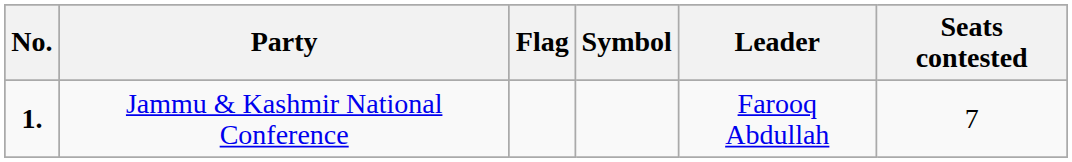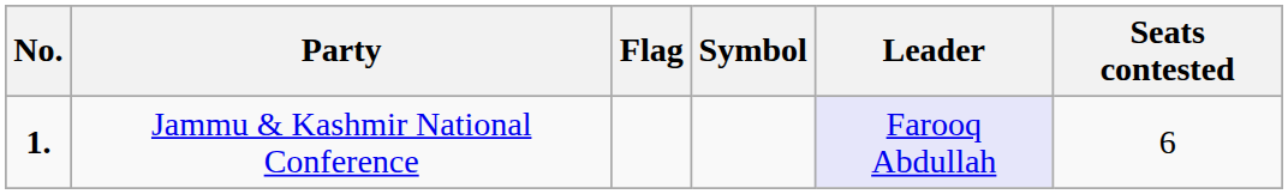 <table class="wikitable">
 <tr>
 <th>No.</th>
 <th>Party</th>
 <th>Flag</th>
 <th>Symbol</th>
 <th>Leader</th>
 <th>Seats contested</th>
 </tr>
 <tr>
 <td ! style="text-align:center; background:"><strong>1.</strong></td>
 <td style="text-align:center"><a href='#'>Jammu & Kashmir National Conference</a></td>
 <td></td>
 <td></td>
-<td style="text-align:center"><a href='#'>Farooq Abdullah</a></td>
-<td style="text-align:center">7</td>
+<td style="background: lavender; text-align:center"><a href='#'>Farooq Abdullah</a></td>
+<td style="text-align:center">6</td>
 </tr>
 </table>
